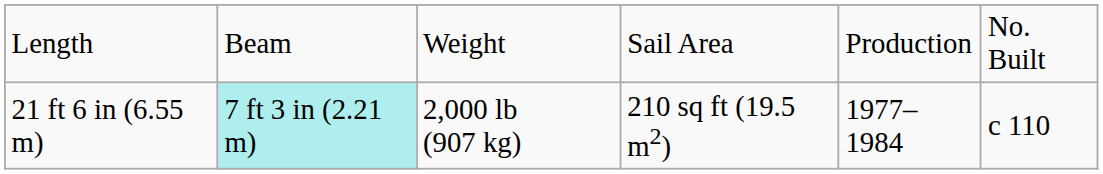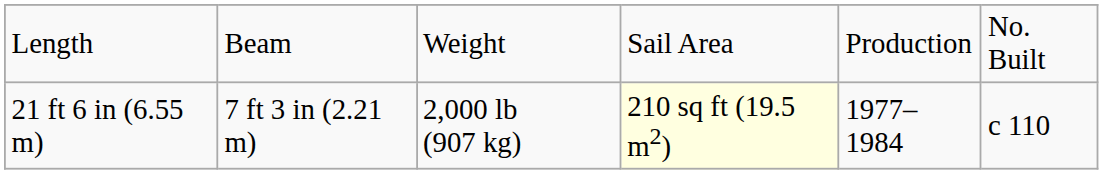 <table class="wikitable">
 <tr>
 <td>Length</td>
 <td>Beam</td>
 <td>Weight</td>
 <td>Sail Area</td>
 <td>Production</td>
 <td>No. Built</td>
 </tr>
 <tr>
 <td>21 ft 6 in (6.55 m)</td>
-<td style="background: paleturquoise;">7 ft 3 in (2.21 m)</td>
+<td>7 ft 3 in (2.21 m)</td>
 <td>2,000 lb (907 kg)</td>
-<td>210 sq ft (19.5 m<sup>2</sup>)</td>
+<td style="background: lightyellow;">210 sq ft (19.5 m<sup>2</sup>)</td>
 <td>1977–1984</td>
 <td>c 110</td>
 </tr>
 </table>
